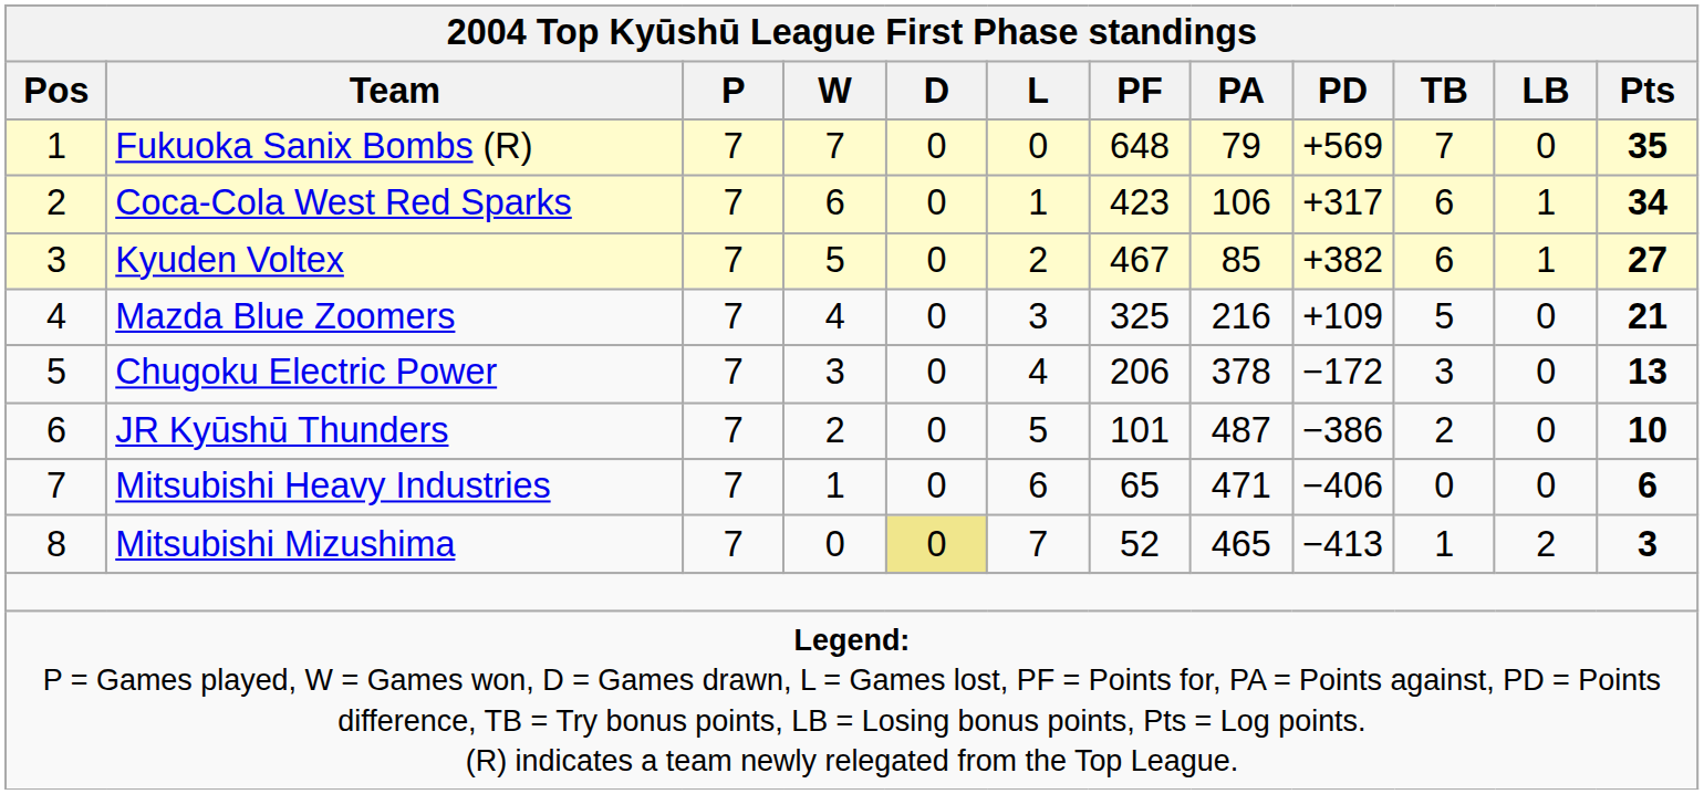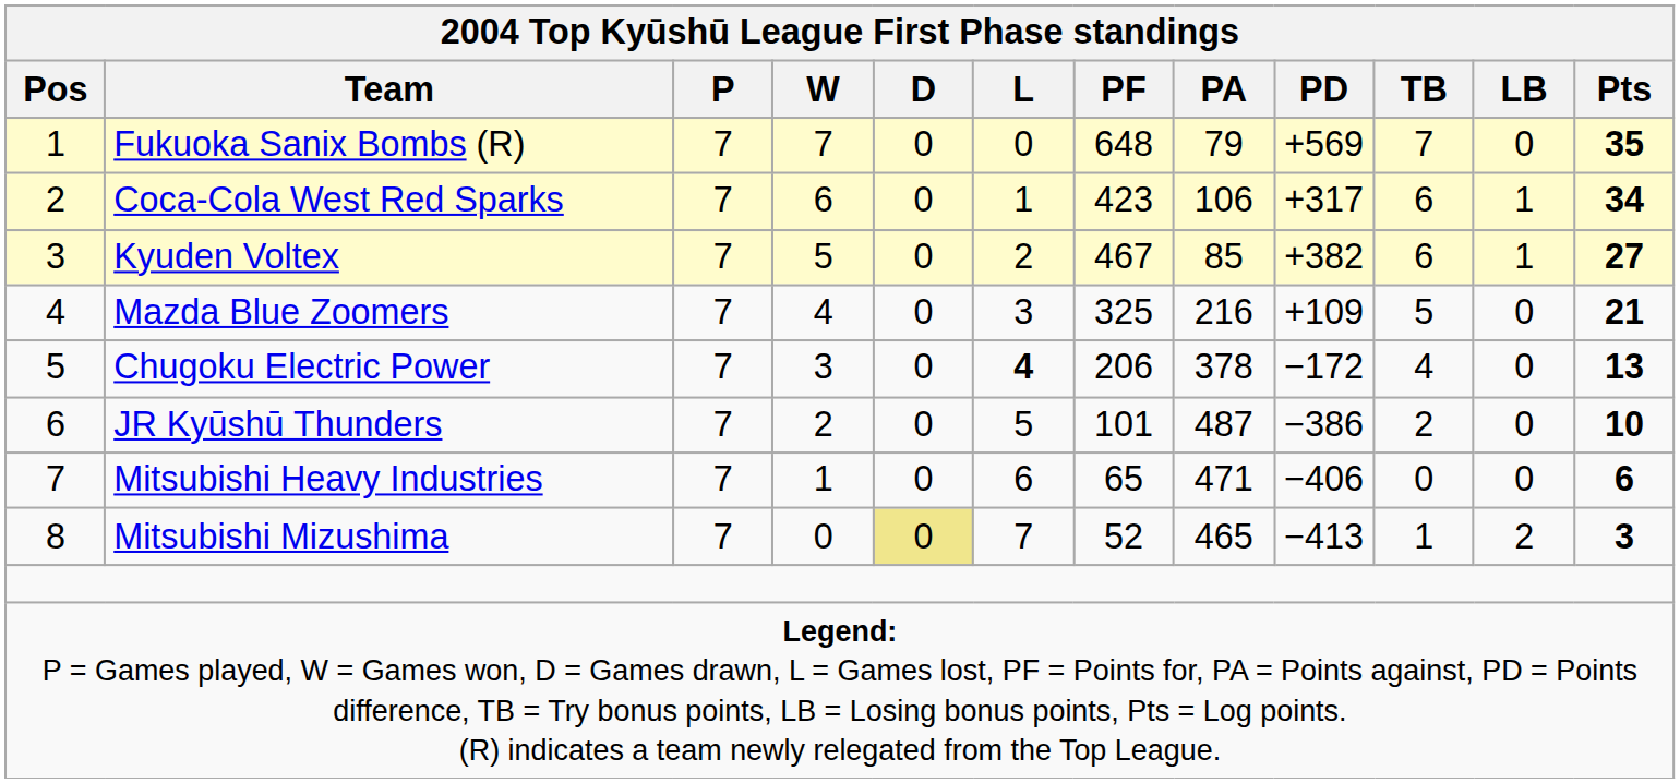 <table class="wikitable" style="text-align:center; font-size:100%; width:60%;">
 <tr>
 <th colspan="100%" cellpadding="0" cellspacing="0"><strong>2004 Top Kyūshū League First Phase standings</strong></th>
 </tr>
 <tr>
 <th style="width:6%;">Pos</th>
 <th style="width:34%;">Team</th>
 <th style="width:6%;">P</th>
 <th style="width:6%;">W</th>
 <th style="width:6%;">D</th>
 <th style="width:6%;">L</th>
 <th style="width:6%;">PF</th>
 <th style="width:6%;">PA</th>
 <th style="width:6%;">PD</th>
 <th style="width:6%;">TB</th>
 <th style="width:6%;">LB</th>
 <th style="width:6%;">Pts<br></th>
 </tr>
 <tr style="background:#FFFCCC;">
 <td>1</td>
 <td style="text-align:left;"><a href='#'>Fukuoka Sanix Bombs</a> (R)</td>
 <td>7</td>
 <td>7</td>
 <td>0</td>
 <td>0</td>
 <td>648</td>
 <td>79</td>
 <td>+569</td>
 <td>7</td>
 <td>0</td>
 <td><strong>35</strong></td>
 </tr>
 <tr style="background:#FFFCCC;">
 <td>2</td>
 <td style="text-align:left;"><a href='#'>Coca-Cola West Red Sparks</a></td>
 <td>7</td>
 <td>6</td>
 <td>0</td>
 <td>1</td>
 <td>423</td>
 <td>106</td>
 <td>+317</td>
 <td>6</td>
 <td>1</td>
 <td><strong>34</strong></td>
 </tr>
 <tr style="background:#FFFCCC;">
 <td>3</td>
 <td style="text-align:left;"><a href='#'>Kyuden Voltex</a></td>
 <td>7</td>
 <td>5</td>
 <td>0</td>
 <td>2</td>
 <td>467</td>
 <td>85</td>
 <td>+382</td>
 <td>6</td>
 <td>1</td>
 <td><strong>27</strong></td>
 </tr>
 <tr>
 <td>4</td>
 <td style="text-align:left;"><a href='#'>Mazda Blue Zoomers</a></td>
 <td>7</td>
 <td>4</td>
 <td>0</td>
 <td>3</td>
 <td>325</td>
 <td>216</td>
 <td>+109</td>
 <td>5</td>
 <td>0</td>
 <td><strong>21</strong></td>
 </tr>
 <tr>
 <td>5</td>
 <td style="text-align:left;"><a href='#'>Chugoku Electric Power</a></td>
 <td>7</td>
 <td>3</td>
 <td>0</td>
-<td>4</td>
+<td><strong>4</strong></td>
 <td>206</td>
 <td>378</td>
 <td>−172</td>
-<td>3</td>
+<td>4</td>
 <td>0</td>
 <td><strong>13</strong></td>
 </tr>
 <tr>
 <td>6</td>
 <td style="text-align:left;"><a href='#'>JR Kyūshū Thunders</a></td>
 <td>7</td>
 <td>2</td>
 <td>0</td>
 <td>5</td>
 <td>101</td>
 <td>487</td>
 <td>−386</td>
 <td>2</td>
 <td>0</td>
 <td><strong>10</strong></td>
 </tr>
 <tr>
 <td>7</td>
 <td style="text-align:left;"><a href='#'>Mitsubishi Heavy Industries</a></td>
 <td>7</td>
 <td>1</td>
 <td>0</td>
 <td>6</td>
 <td>65</td>
 <td>471</td>
 <td>−406</td>
 <td>0</td>
 <td>0</td>
 <td><strong>6</strong></td>
 </tr>
 <tr>
 <td>8</td>
 <td style="text-align:left;"><a href='#'>Mitsubishi Mizushima</a></td>
 <td>7</td>
 <td>0</td>
 <td style="background: khaki;">0</td>
 <td>7</td>
 <td>52</td>
 <td>465</td>
 <td>−413</td>
 <td>1</td>
 <td>2</td>
 <td><strong>3</strong></td>
 </tr>
 <tr>
 <td colspan="100%" style="height:10px;"></td>
 </tr>
 <tr>
 <td colspan="100%"><small><strong>Legend:</strong> <br> P = Games played, W = Games won, D = Games drawn, L = Games lost, PF = Points for, PA = Points against, PD = Points difference, TB = Try bonus points, LB = Losing bonus points, Pts = Log points. <br> (R) indicates a team newly relegated from the Top League.</small></td>
 </tr>
 </table>
